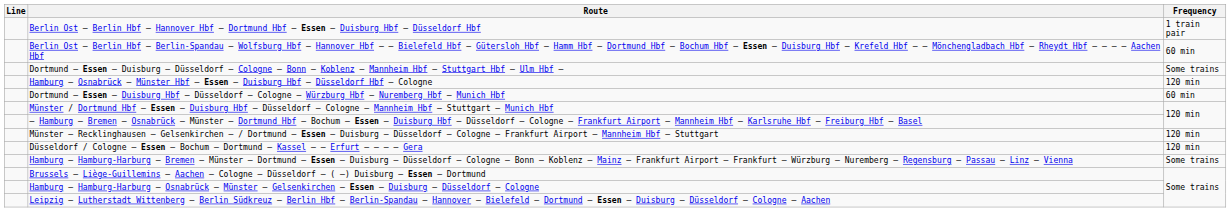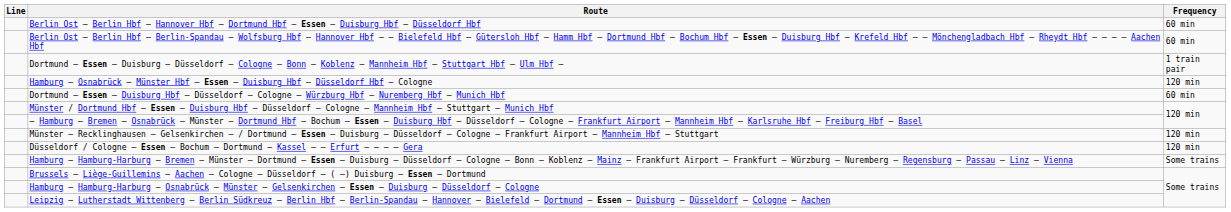 <table class="wikitable zebra">
 <tr class="hintergrundfarbe5">
 <th>Line</th>
 <th>Route</th>
 <th>Frequency</th>
 </tr>
 <tr>
 <td align="center"></td>
 <td><a href='#'>Berlin Ost</a> – <a href='#'>Berlin Hbf</a> – <a href='#'>Hannover Hbf</a> – <a href='#'>Dortmund Hbf</a> – <strong>Essen</strong> – <a href='#'>Duisburg Hbf</a> – <a href='#'>Düsseldorf Hbf</a></td>
-<td>1 train pair</td>
+<td>60 min</td>
 </tr>
 <tr>
 <td align="center"></td>
 <td><a href='#'>Berlin Ost</a> – <a href='#'>Berlin Hbf</a> – <a href='#'>Berlin-Spandau</a> – <a href='#'>Wolfsburg Hbf</a> – <a href='#'>Hannover Hbf</a> –  – <a href='#'>Bielefeld Hbf</a> – <a href='#'>Gütersloh Hbf</a> – <a href='#'>Hamm Hbf</a> – <a href='#'>Dortmund Hbf</a> – <a href='#'>Bochum Hbf</a> – <strong>Essen</strong> – <a href='#'>Duisburg Hbf</a> – <a href='#'>Krefeld Hbf</a> –  – <a href='#'>Mönchengladbach Hbf</a> – <a href='#'>Rheydt Hbf</a> –  –  –  – <a href='#'>Aachen Hbf</a></td>
 <td>60 min</td>
 </tr>
 <tr>
 <td align="center"></td>
 <td>Dortmund – <strong>Essen</strong> – Duisburg – Düsseldorf – <a href='#'>Cologne</a> – <a href='#'>Bonn</a> – <a href='#'>Koblenz</a> – <a href='#'>Mannheim Hbf</a> – <a href='#'>Stuttgart Hbf</a> – <a href='#'>Ulm Hbf</a> – </td>
-<td>Some trains</td>
+<td>1 train pair</td>
 </tr>
 <tr>
 <td align="center"></td>
 <td><a href='#'>Hamburg</a> –  <a href='#'>Osnabrück</a> – <a href='#'>Münster Hbf</a> – <strong>Essen</strong> – <a href='#'>Duisburg Hbf</a> – <a href='#'>Düsseldorf Hbf</a> – Cologne</td>
 <td>120 min</td>
 </tr>
 <tr>
 <td align="center"></td>
 <td>Dortmund – <strong>Essen</strong> – <a href='#'>Duisburg Hbf</a> – Düsseldorf – Cologne –  <a href='#'>Würzburg Hbf</a> – <a href='#'>Nuremberg Hbf</a> – <a href='#'>Munich Hbf</a></td>
 <td>60 min</td>
 </tr>
 <tr>
 <td align="center"></td>
 <td><a href='#'>Münster</a> / <a href='#'>Dortmund Hbf</a> – <strong>Essen</strong> – <a href='#'>Duisburg Hbf</a> – Düsseldorf – Cologne –  <a href='#'>Mannheim Hbf</a> – Stuttgart – <a href='#'>Munich Hbf</a></td>
 <td rowspan="2">120 min</td>
 </tr>
 <tr>
 <td align="center"></td>
 <td> – <a href='#'>Hamburg</a> – <a href='#'>Bremen</a> – <a href='#'>Osnabrück</a> – Münster – <a href='#'>Dortmund Hbf</a> – Bochum – <strong>Essen</strong> – <a href='#'>Duisburg Hbf</a> – Düsseldorf – Cologne  – <a href='#'>Frankfurt Airport</a> – <a href='#'>Mannheim Hbf</a> – <a href='#'>Karlsruhe Hbf</a> – <a href='#'>Freiburg Hbf</a> – <a href='#'>Basel</a></td>
 </tr>
 <tr>
 <td align="center"></td>
 <td>Münster – Recklinghausen – Gelsenkirchen – / Dortmund – <strong>Essen</strong> – Duisburg – Düsseldorf – Cologne – Frankfurt Airport – <a href='#'>Mannheim Hbf</a> – Stuttgart</td>
 <td>120 min</td>
 </tr>
 <tr>
 <td align="center"></td>
 <td>Düsseldorf / Cologne – <strong>Essen</strong> – Bochum – Dortmund – <a href='#'>Kassel</a> –  – <a href='#'>Erfurt</a> –  –  –  – <a href='#'>Gera</a></td>
 <td>120 min</td>
 </tr>
 <tr>
 <td align="center"></td>
 <td><a href='#'>Hamburg</a> – <a href='#'>Hamburg-Harburg</a> – <a href='#'>Bremen</a> – Münster – Dortmund – <strong>Essen</strong> – Duisburg – Düsseldorf – Cologne – Bonn – Koblenz – <a href='#'>Mainz</a> – Frankfurt Airport – Frankfurt – Würzburg – Nuremberg – <a href='#'>Regensburg</a> – <a href='#'>Passau</a> – <a href='#'>Linz</a> – <a href='#'>Vienna</a></td>
 <td>Some trains</td>
 </tr>
 <tr>
 <td align="center"></td>
 <td> <a href='#'>Brussels</a> – <a href='#'>Liège-Guillemins</a> – <a href='#'>Aachen</a> – Cologne – Düsseldorf – ( –) Duisburg – <strong>Essen</strong> – Dortmund</td>
 <td rowspan="3">Some trains</td>
 </tr>
 <tr>
 <td align="center"></td>
 <td><a href='#'>Hamburg</a> – <a href='#'>Hamburg-Harburg</a> – <a href='#'>Osnabrück</a> – <a href='#'>Münster</a> – <a href='#'>Gelsenkirchen</a> – <strong>Essen</strong> – <a href='#'>Duisburg</a> – <a href='#'>Düsseldorf</a> – <a href='#'>Cologne</a></td>
 </tr>
 <tr>
 <td align="center"></td>
 <td><a href='#'>Leipzig</a> – <a href='#'>Lutherstadt Wittenberg</a> –  <a href='#'>Berlin Südkreuz</a> – <a href='#'>Berlin Hbf</a> – <a href='#'>Berlin-Spandau</a> – <a href='#'>Hannover</a> – <a href='#'>Bielefeld</a> – <a href='#'>Dortmund</a> – <strong>Essen</strong> – <a href='#'>Duisburg</a> – <a href='#'>Düsseldorf</a> – <a href='#'>Cologne</a> – <a href='#'>Aachen</a></td>
 </tr>
 </table>
